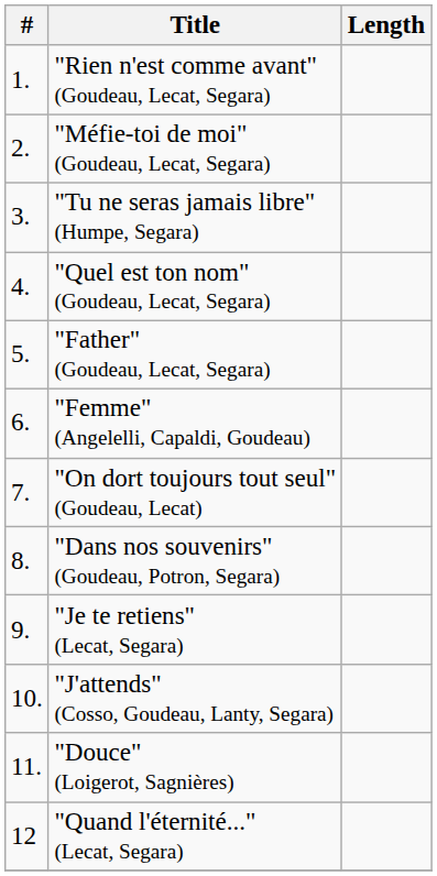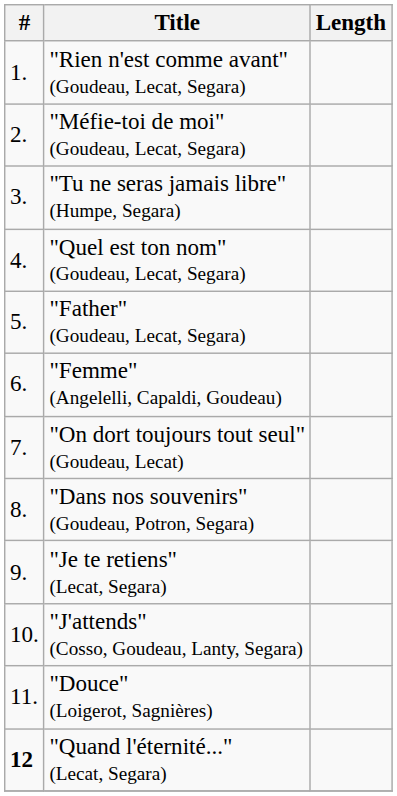 <table class="wikitable" size=80%>
 <tr>
 <th>#</th>
 <th>Title</th>
 <th>Length</th>
 </tr>
 <tr>
 <td>1.</td>
 <td>"Rien n'est comme avant" <br><small>(Goudeau, Lecat, Segara)</small></td>
 <td></td>
 </tr>
 <tr>
 <td>2.</td>
 <td>"Méfie-toi de moi"  <br><small>(Goudeau, Lecat, Segara)</small></td>
 <td></td>
 </tr>
 <tr>
 <td>3.</td>
 <td>"Tu ne seras jamais libre" <br><small>(Humpe, Segara)</small></td>
 <td></td>
 </tr>
 <tr>
 <td>4.</td>
 <td>"Quel est ton nom" <br><small>(Goudeau, Lecat, Segara)</small></td>
 <td></td>
 </tr>
 <tr>
 <td>5.</td>
 <td>"Father" <br><small>(Goudeau, Lecat, Segara)</small></td>
 <td></td>
 </tr>
 <tr>
 <td>6.</td>
 <td>"Femme" <br><small>(Angelelli, Capaldi, Goudeau)</small></td>
 <td></td>
 </tr>
 <tr>
 <td>7.</td>
 <td>"On dort toujours tout seul" <br><small>(Goudeau, Lecat)</small></td>
 <td></td>
 </tr>
 <tr>
 <td>8.</td>
 <td>"Dans nos souvenirs" <br><small>(Goudeau, Potron, Segara)</small></td>
 <td></td>
 </tr>
 <tr>
 <td>9.</td>
 <td>"Je te retiens" <br><small>(Lecat, Segara)</small></td>
 <td></td>
 </tr>
 <tr>
 <td>10.</td>
 <td>"J'attends" <br><small>(Cosso, Goudeau, Lanty, Segara)</small></td>
 <td></td>
 </tr>
 <tr>
 <td>11.</td>
 <td>"Douce" <br><small>(Loigerot, Sagnières)</small></td>
 <td></td>
 </tr>
 <tr>
-<td>12</td>
+<td><strong>12</strong></td>
 <td>"Quand l'éternité..." <br><small>(Lecat, Segara)</small></td>
 <td></td>
 </tr>
 <tr>
 </tr>
 </table>
